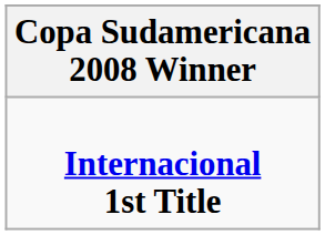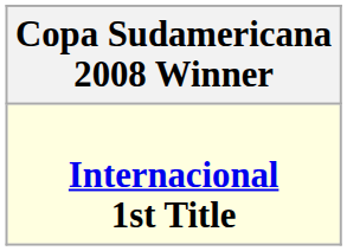 <table class="wikitable" style="text-align: center; margin: 0 auto;">
 <tr>
 <th>Copa Sudamericana<br>2008 Winner</th>
 </tr>
 <tr>
-<td><br><strong><a href='#'>Internacional</a></strong><br><strong>1st Title</strong></td>
+<td style="background: lightyellow;"><br><strong><a href='#'>Internacional</a></strong><br><strong>1st Title</strong></td>
 </tr>
 </table>
